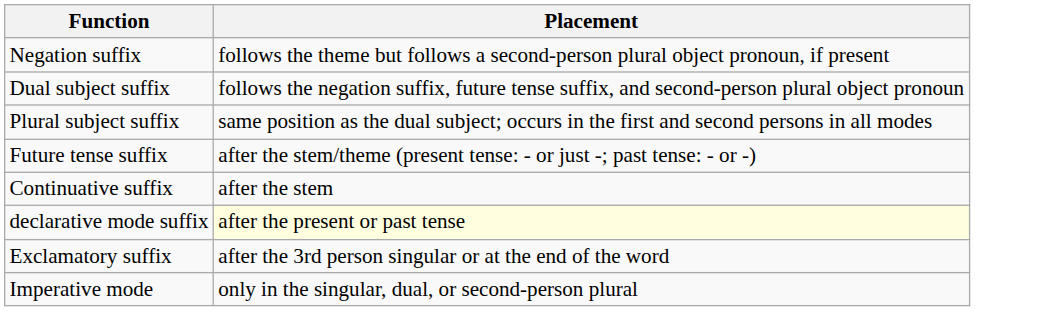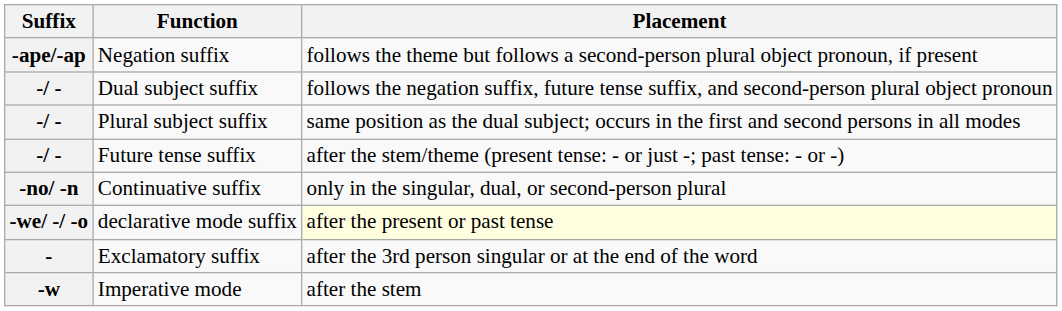 <table class="wikitable" style="text-‐align:center">
 <tr ‐>
+<th>Suffix</th>
 <th>Function</th>
 <th>Placement</th>
 </tr>
 <tr ‐>
+<th>-ape/-ap</th>
 <td>Negation suffix</td>
 <td>follows the theme but follows a second-person plural object pronoun, if present</td>
 </tr>
 <tr ‐>
+<th>-/ -</th>
 <td>Dual subject suffix</td>
 <td>follows the negation suffix, future tense suffix, and second-person plural object pronoun</td>
 </tr>
 <tr ‐>
+<th>-/ -</th>
 <td>Plural subject suffix</td>
 <td>same position as the dual subject; occurs in the first and second persons in all modes</td>
 </tr>
 <tr ‐>
+<th>-/ -</th>
 <td>Future tense suffix</td>
 <td>after the stem/theme (present tense: - or just -; past tense: - or -)</td>
 </tr>
 <tr ‐>
+<th>-no/ -n</th>
 <td>Continuative suffix</td>
-<td>after the stem</td>
+<td>only in the singular, dual, or second-person plural</td>
 </tr>
 <tr ‐>
+<th>-we/ -/ -o</th>
 <td>declarative mode suffix</td>
 <td style="background: lightyellow;">after the present or past tense</td>
 </tr>
 <tr ‐>
+<th>-</th>
 <td>Exclamatory suffix</td>
 <td>after the 3rd person singular or at the end of the word</td>
 </tr>
 <tr ‐>
+<th>-w</th>
 <td>Imperative mode</td>
-<td>only in the singular, dual, or second-person plural</td>
+<td>after the stem</td>
 </tr>
 </table>
